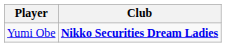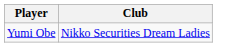 <table class="wikitable">
 <tr>
 <th>Player</th>
 <th>Club</th>
 </tr>
 <tr>
 <td> <a href='#'>Yumi Obe</a></td>
-<td><strong><a href='#'>Nikko Securities Dream Ladies</a></strong></td>
+<td><a href='#'>Nikko Securities Dream Ladies</a></td>
 </tr>
 </table>
